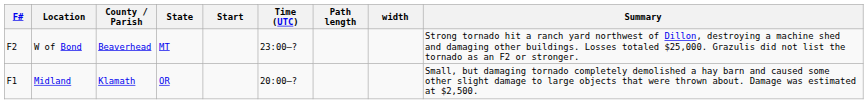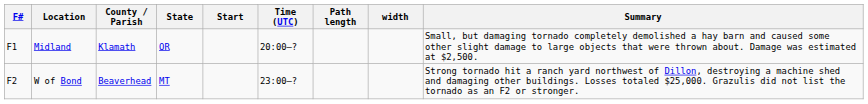 <table class="wikitable sortable" style="width:100%;">
 <tr>
 <th scope="col"  style="width:3%; text-align:center;"><a href='#'>F#</a></th>
 <th scope="col"  style="width:7%; text-align:center;" class="unsortable">Location</th>
 <th scope="col"  style="width:6%; text-align:center;" class="unsortable">County / Parish</th>
 <th scope="col"  style="width:5%; text-align:center;">State</th>
 <th scope="col"  style="width:6%; text-align:center;">Start<br></th>
 <th scope="col"  style="width:6%; text-align:center;">Time (<a href='#'>UTC</a>)</th>
 <th scope="col"  style="width:6%; text-align:center;">Path length</th>
 <th scope="col"  style="width:6%; text-align:center;"> width</th>
 <th scope="col" class="unsortable" style="width:48%; text-align:center;">Summary</th>
 </tr>
 <tr>
+<td>F1</td>
+<td><a href='#'>Midland</a></td>
+<td><a href='#'>Klamath</a></td>
+<td><a href='#'>OR</a></td>
+<td></td>
+<td>20:00–?</td>
+<td></td>
+<td></td>
+<td>Small, but damaging tornado completely demolished a hay barn and caused some other slight damage to large objects that were thrown about. Damage was estimated at $2,500.</td>
+</tr>
+<tr>
 <td>F2</td>
 <td>W of <a href='#'>Bond</a></td>
 <td><a href='#'>Beaverhead</a></td>
 <td><a href='#'>MT</a></td>
 <td></td>
 <td>23:00–?</td>
 <td></td>
 <td></td>
 <td>Strong tornado hit a ranch yard northwest of <a href='#'>Dillon</a>, destroying a machine shed and damaging other buildings. Losses totaled $25,000. Grazulis did not list the tornado as an F2 or stronger.</td>
 </tr>
-<tr>
-<td>F1</td>
-<td><a href='#'>Midland</a></td>
-<td><a href='#'>Klamath</a></td>
-<td><a href='#'>OR</a></td>
-<td></td>
-<td>20:00–?</td>
-<td></td>
-<td></td>
-<td>Small, but damaging tornado completely demolished a hay barn and caused some other slight damage to large objects that were thrown about. Damage was estimated at $2,500.</td>
-</tr>
 </table>
